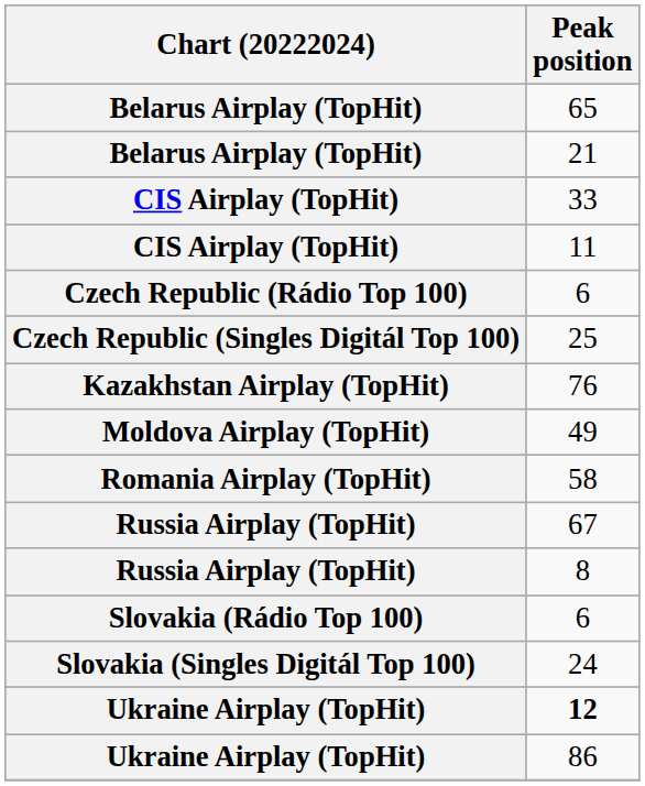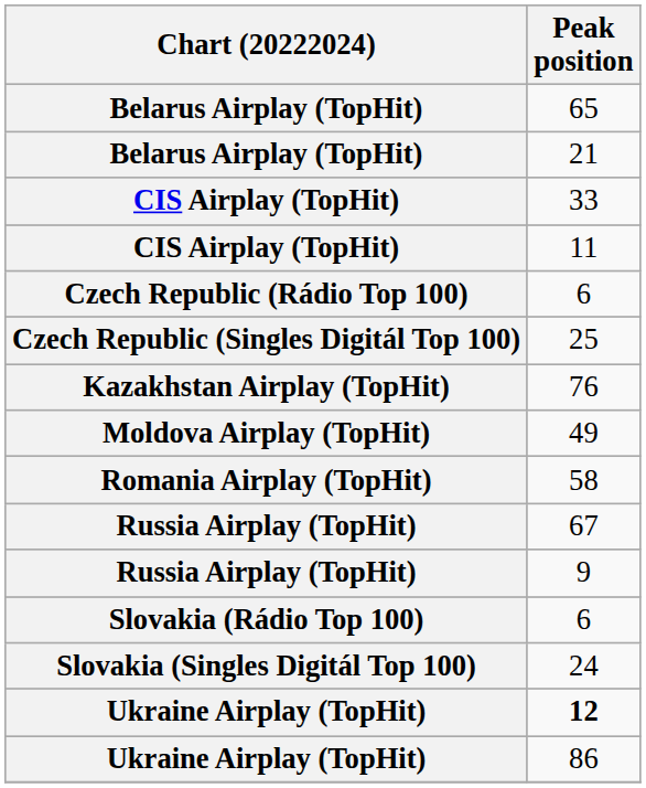 <table class="wikitable sortable plainrowheaders" style="text-align:center">
 <tr>
 <th scope="col">Chart (20222024)</th>
 <th scope="col">Peak<br>position</th>
 </tr>
 <tr>
 <th scope="row">Belarus Airplay (TopHit)</th>
 <td>65</td>
 </tr>
 <tr>
 <th scope="row">Belarus Airplay (TopHit)<br></th>
 <td>21</td>
 </tr>
 <tr>
 <th scope="row"><a href='#'>CIS</a> Airplay (TopHit)</th>
 <td>33</td>
 </tr>
 <tr>
 <th scope="row">CIS Airplay (TopHit)<br></th>
 <td>11</td>
 </tr>
 <tr>
 <th scope="row">Czech Republic (Rádio Top 100)</th>
 <td>6</td>
 </tr>
 <tr>
 <th scope="row">Czech Republic (Singles Digitál Top 100)</th>
 <td>25</td>
 </tr>
 <tr>
 <th scope="row">Kazakhstan Airplay (TopHit)<br></th>
 <td>76</td>
 </tr>
 <tr>
 <th scope="row">Moldova Airplay (TopHit)</th>
 <td>49</td>
 </tr>
 <tr>
 <th scope="row">Romania Airplay (TopHit)</th>
 <td>58</td>
 </tr>
 <tr>
 <th scope="row">Russia Airplay (TopHit)</th>
 <td>67</td>
 </tr>
 <tr>
 <th scope="row">Russia Airplay (TopHit)<br></th>
-<td>8</td>
+<td>9</td>
 </tr>
 <tr>
 <th scope="row">Slovakia (Rádio Top 100)</th>
 <td>6</td>
 </tr>
 <tr>
 <th scope="row">Slovakia (Singles Digitál Top 100)</th>
 <td>24</td>
 </tr>
 <tr>
 <th scope="row">Ukraine Airplay (TopHit)</th>
 <td><strong>12</strong></td>
 </tr>
 <tr>
 <th scope="row">Ukraine Airplay (TopHit)<br></th>
 <td>86</td>
 </tr>
 <tr>
 </tr>
 </table>
